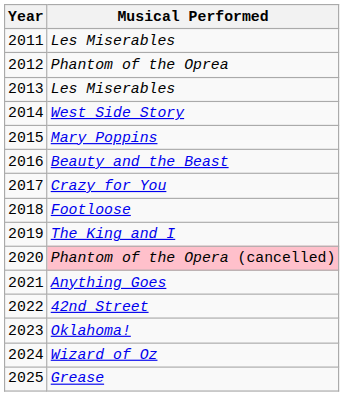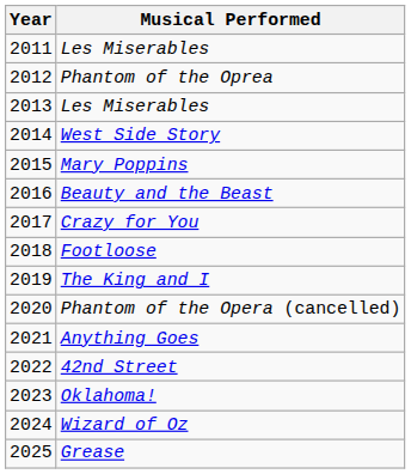 <table class="wikitable">
 <tr>
 <th>Year</th>
 <th>Musical Performed</th>
 </tr>
 <tr>
 <td>2011</td>
 <td><em>Les Miserables</em></td>
 </tr>
 <tr>
 <td>2012</td>
 <td><em>Phantom of the Oprea</em></td>
 </tr>
 <tr>
 <td>2013</td>
 <td><em>Les Miserables</em></td>
 </tr>
 <tr>
 <td>2014</td>
 <td><em><a href='#'>West Side Story</a></em></td>
 </tr>
 <tr>
 <td>2015</td>
 <td><a href='#'><em>Mary Poppins</em></a></td>
 </tr>
 <tr>
 <td>2016</td>
 <td><a href='#'><em>Beauty and the Beast</em></a></td>
 </tr>
 <tr>
 <td>2017</td>
 <td><a href='#'><em>Crazy for You</em></a></td>
 </tr>
 <tr>
 <td>2018</td>
 <td><a href='#'><em>Footloose</em></a></td>
 </tr>
 <tr>
 <td>2019</td>
 <td><em><a href='#'>The King and I</a></em></td>
 </tr>
 <tr>
 <td>2020</td>
-<td style="background: pink;"><em>Phantom of the Opera</em> (cancelled)</td>
+<td><em>Phantom of the Opera</em> (cancelled)</td>
 </tr>
 <tr>
 <td>2021</td>
 <td><em><a href='#'>Anything Goes</a></em></td>
 </tr>
 <tr>
 <td>2022</td>
 <td><a href='#'><em>42nd Street</em></a></td>
 </tr>
 <tr>
 <td>2023</td>
 <td><em><a href='#'>Oklahoma!</a></em></td>
 </tr>
 <tr>
 <td>2024</td>
 <td><em><a href='#'>Wizard of Oz</a></em></td>
 </tr>
 <tr>
 <td>2025</td>
 <td><em><a href='#'>Grease</a></em></td>
 </tr>
 </table>
